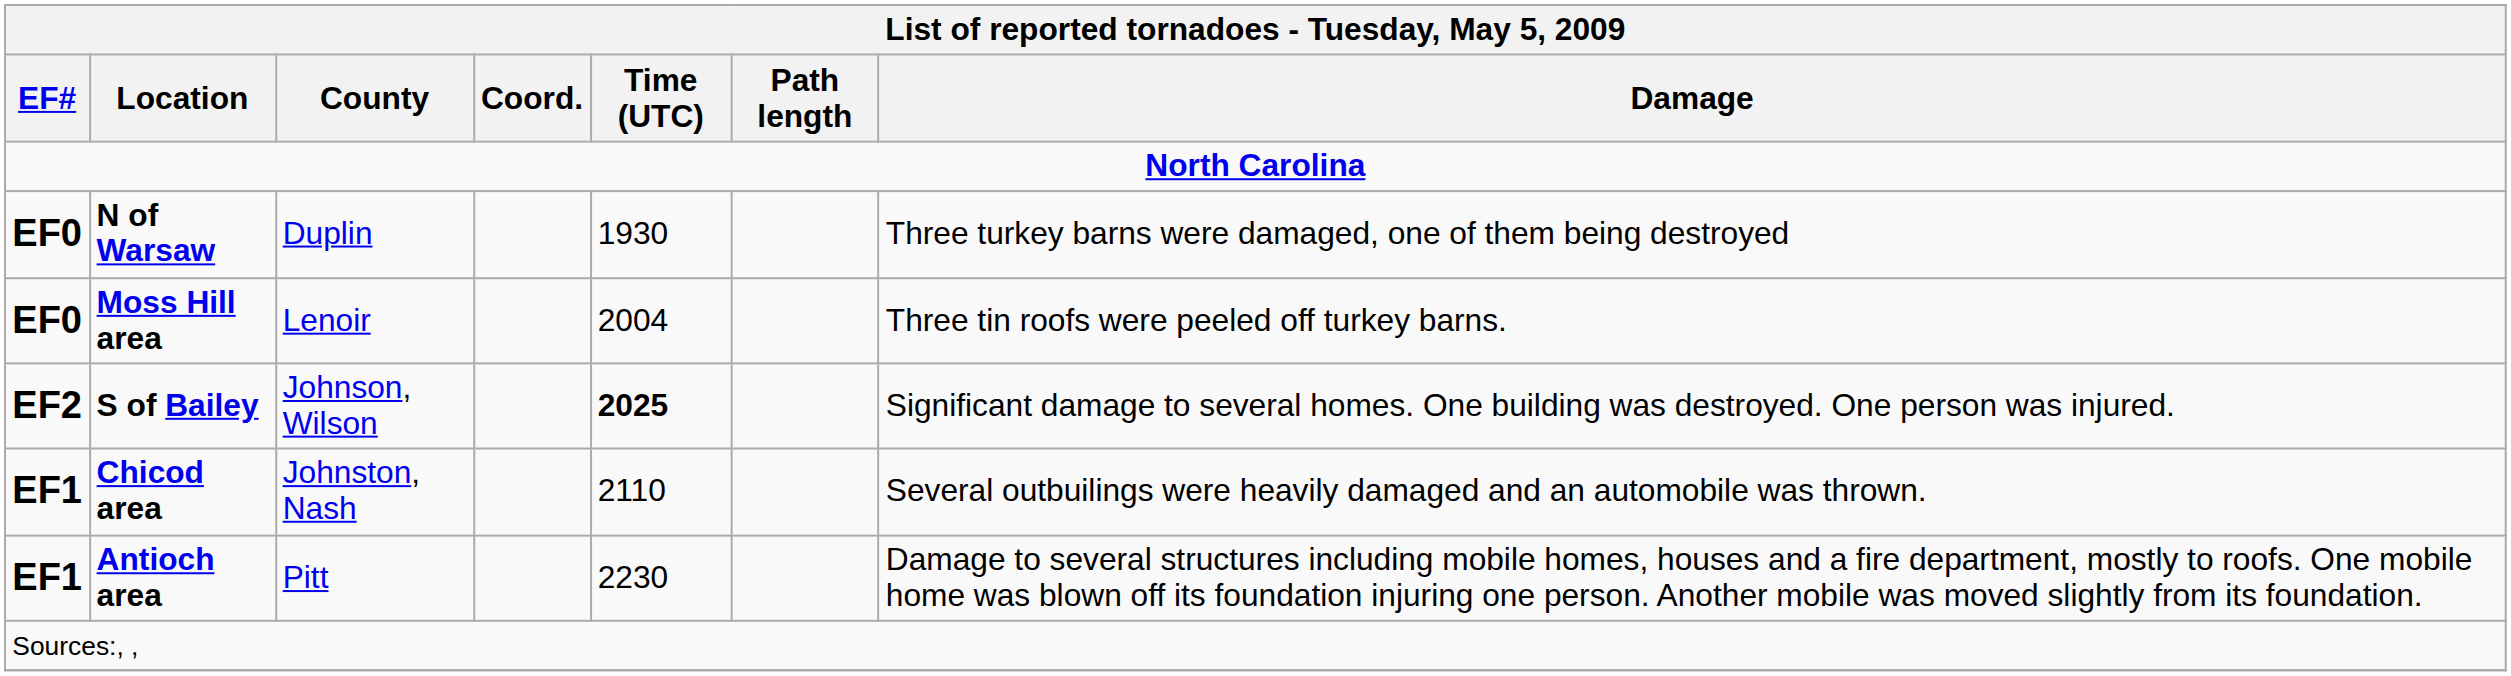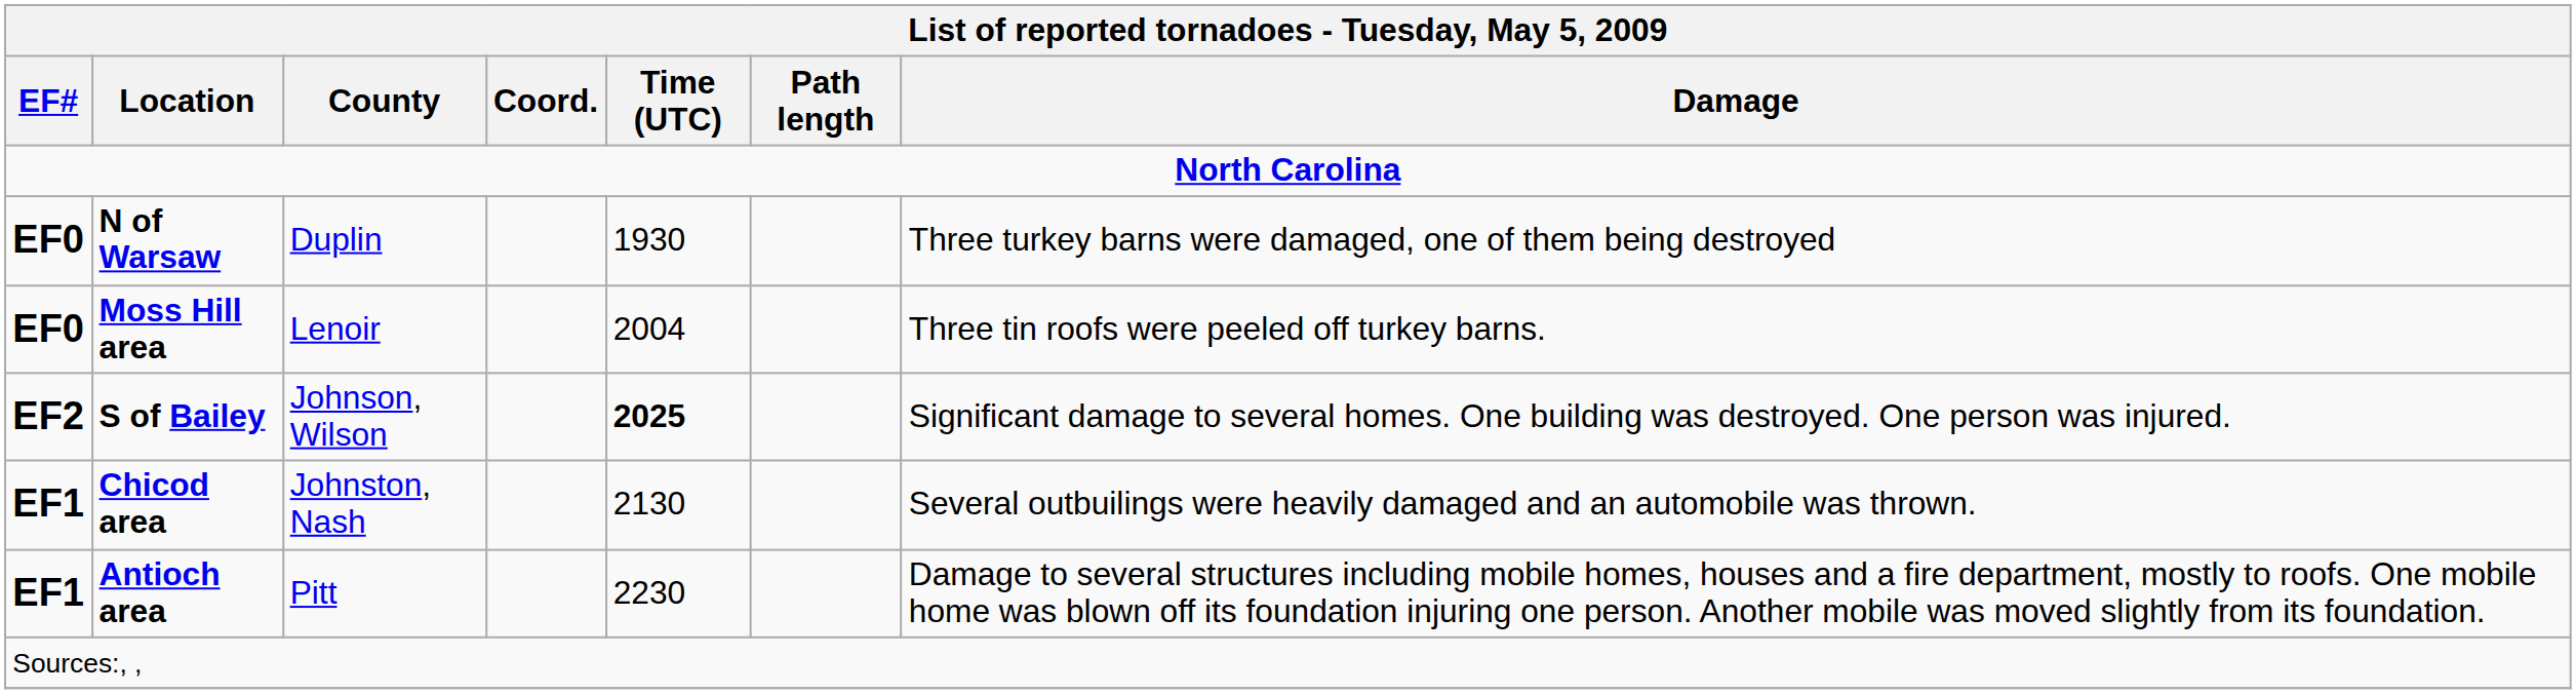 <table class="wikitable collapsible" width="100%">
 <tr>
 <th colspan="7">List of reported tornadoes - Tuesday, May 5, 2009</th>
 </tr>
 <tr>
 <th><a href='#'>EF#</a></th>
 <th>Location</th>
 <th>County</th>
 <th>Coord.</th>
 <th>Time (UTC)</th>
 <th>Path length</th>
 <th>Damage</th>
 </tr>
 <tr>
 <td colspan="7" align=center><strong><a href='#'>North Carolina</a></strong></td>
 </tr>
 <tr>
 <td><big><strong>EF0</strong></big></td>
 <td><strong>N of <a href='#'>Warsaw</a></strong></td>
 <td><a href='#'>Duplin</a></td>
 <td></td>
 <td>1930</td>
 <td></td>
 <td>Three turkey barns were damaged, one of them being destroyed</td>
 </tr>
 <tr>
 <td><big><strong>EF0</strong></big></td>
 <td><strong><a href='#'>Moss Hill</a> area</strong></td>
 <td><a href='#'>Lenoir</a></td>
 <td></td>
 <td>2004</td>
 <td></td>
 <td>Three tin roofs were peeled off turkey barns.</td>
 </tr>
 <tr>
 <td><big><strong>EF2</strong></big></td>
 <td><strong>S of <a href='#'>Bailey</a></strong></td>
 <td><a href='#'>Johnson</a>, <a href='#'>Wilson</a></td>
 <td></td>
 <td><strong>2025</strong></td>
 <td></td>
 <td>Significant damage to several homes. One building was destroyed. One person was injured.</td>
 </tr>
 <tr>
 <td><big><strong>EF1</strong></big></td>
 <td><strong><a href='#'>Chicod</a> area</strong></td>
 <td><a href='#'>Johnston</a>, <a href='#'>Nash</a></td>
 <td></td>
-<td>2110</td>
+<td>2130</td>
 <td></td>
 <td>Several outbuilings were heavily damaged and an automobile was thrown.</td>
 </tr>
 <tr>
 <td><big><strong>EF1</strong></big></td>
 <td><strong><a href='#'>Antioch</a> area</strong></td>
 <td><a href='#'>Pitt</a></td>
 <td></td>
 <td>2230</td>
 <td></td>
 <td>Damage to several structures including mobile homes, houses and a fire department, mostly to roofs. One mobile home was blown off its foundation injuring one person. Another mobile was moved slightly from its foundation.</td>
 </tr>
 <tr>
 <td colspan="7"><small>Sources:, , </small></td>
 </tr>
 <tr>
 </tr>
 </table>
